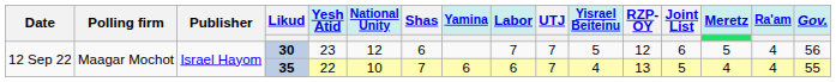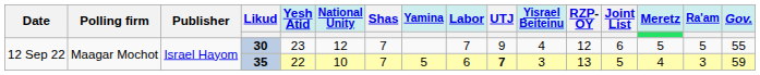 <table class="wikitable sortable" style=text-align:center;font-size:90%;line-height:12px>
 <tr>
 <th rowspan=2>Date</th>
 <th rowspan=2>Polling firm</th>
 <th rowspan=2>Publisher</th>
 <th><a href='#'>Likud</a></th>
 <th style=background:#cee><a href='#'>Yesh<br>Atid</a></th>
 <th style="background:#cee;font-size:90%"><a href='#'>National<br>Unity</a></th>
 <th><a href='#'>Shas</a></th>
 <th style="background:#cee;font-size:90%"><a href='#'>Yamina</a></th>
 <th style=background:#cee><a href='#'>Labor</a></th>
 <th><a href='#'>UTJ</a></th>
 <th style="background:#cee; font-size:90%"><a href='#'>Yisrael<br>Beiteinu</a></th>
 <th><a href='#'>RZP</a>-<br><a href='#'>OY</a></th>
 <th><a href='#'>Joint<br>List</a></th>
 <th style=background:#cee><a href='#'>Meretz</a></th>
 <th style="background:#cee; font-size:90%"><a href='#'>Ra'am</a></th>
 <th style=background:#cee><a href='#'><em>Gov.</em></a></th>
 </tr>
 <tr>
 <th style=background:></th>
 <th style=background:></th>
 <th style=background:></th>
 <th style=background:></th>
 <th style=background:></th>
 <th style=background:></th>
 <th style=background:></th>
 <th style=background:></th>
 <th style=background:></th>
 <th style=background:></th>
 <th style=background:#23e164></th>
 <th style=background:></th>
 <th style=background:></th>
 </tr>
 <tr>
 <td rowspan =2>12 Sep 22</td>
 <td rowspan =2>Maagar Mochot</td>
 <td rowspan =2><a href='#'>Israel Hayom</a></td>
 <td style="background:#BBCDE4"><strong>30</strong></td>
 <td>23</td>
 <td>12</td>
-<td>6</td>
+<td>7</td>
 <td></td>
 <td>7</td>
-<td>7</td>
-<td>5</td>
+<td>9</td>
+<td>4</td>
 <td>12</td>
 <td>6</td>
 <td>5</td>
-<td>4</td>
-<td>56</td>
+<td>5</td>
+<td>55</td>
 </tr>
 <tr style=background:#fffdb0>
 <td style="background:#BBCDE4"><strong>35</strong></td>
 <td>22</td>
 <td>10</td>
 <td>7</td>
+<td>5</td>
 <td>6</td>
-<td>6</td>
-<td>7</td>
-<td>4</td>
+<td><strong>7</strong></td>
+<td>3</td>
 <td>13</td>
 <td>5</td>
 <td>4</td>
-<td>4</td>
-<td>55</td>
+<td>3</td>
+<td>59</td>
 </tr>
 </table>
